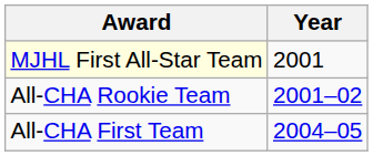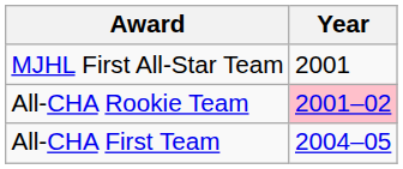 <table class="wikitable">
 <tr>
 <th>Award</th>
 <th>Year</th>
 </tr>
 <tr>
-<td style="background: lightyellow;"><a href='#'>MJHL</a> First All-Star Team</td>
+<td><a href='#'>MJHL</a> First All-Star Team</td>
 <td>2001</td>
 </tr>
 <tr>
 <td>All-<a href='#'>CHA</a> <a href='#'>Rookie Team</a></td>
-<td><a href='#'>2001–02</a></td>
+<td style="background: pink;"><a href='#'>2001–02</a></td>
 </tr>
 <tr>
 <td>All-<a href='#'>CHA</a> <a href='#'>First Team</a></td>
 <td><a href='#'>2004–05</a></td>
 </tr>
 </table>
